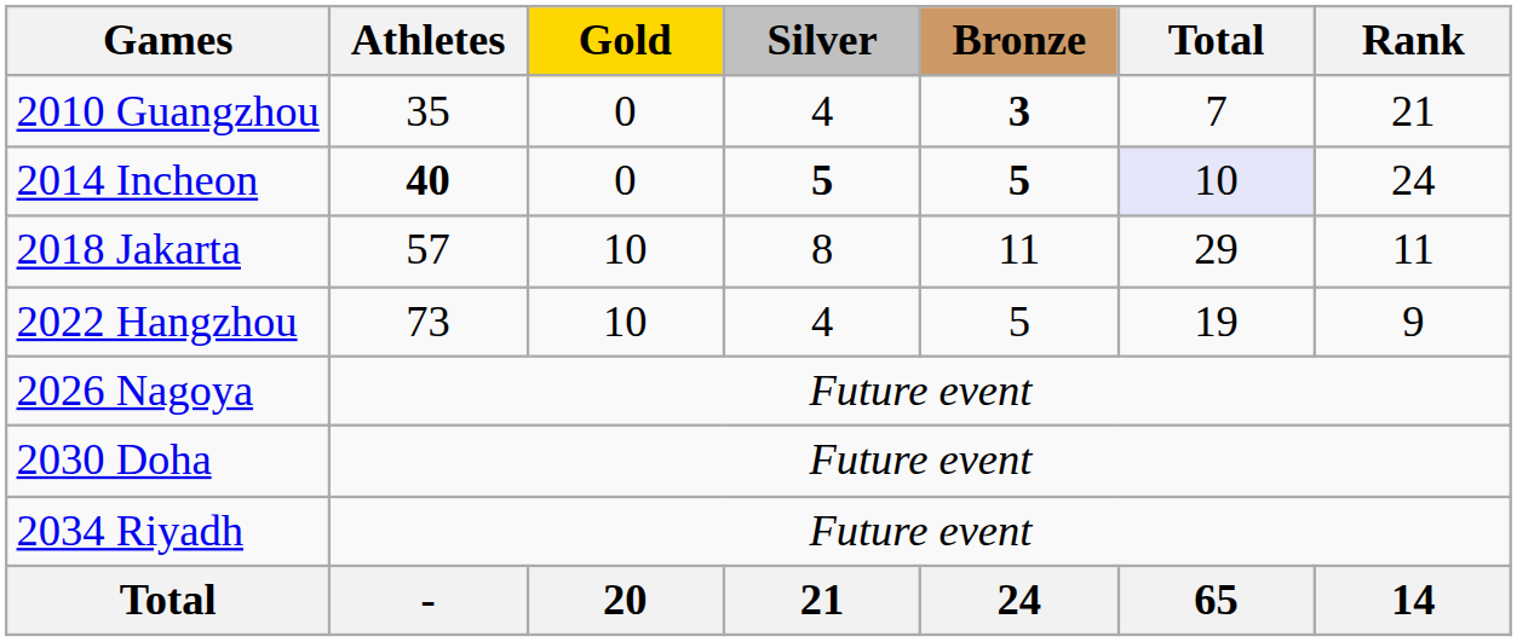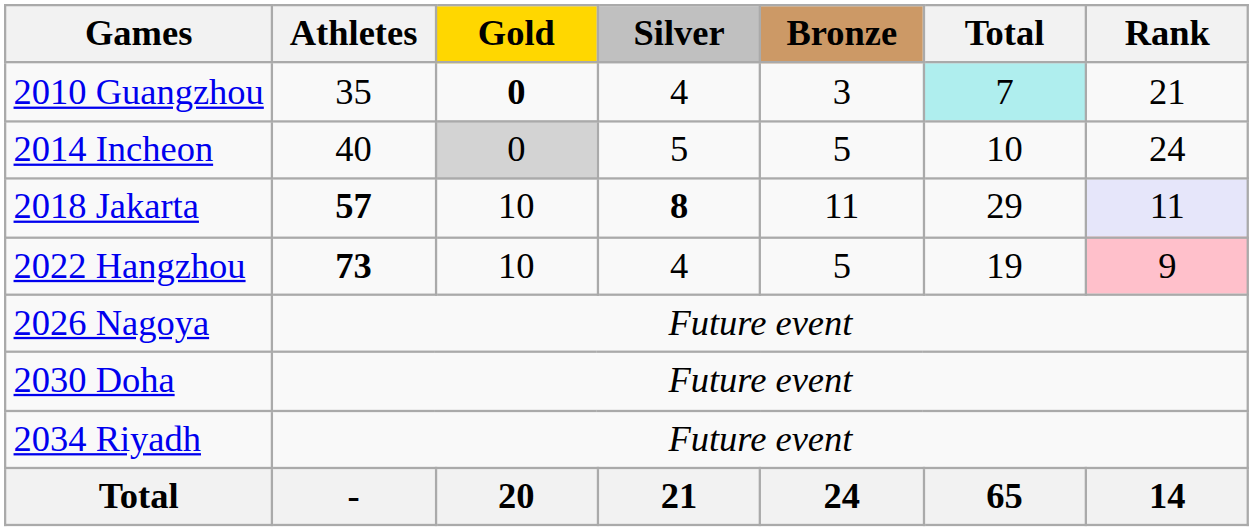 <table class="wikitable sortable" style="margin-top:0em; text-align:center; font-size:100%;">
 <tr>
 <th>Games</th>
 <th style="width:4em;">Athletes</th>
 <th style="background:gold; width:4em;"><strong>Gold</strong></th>
 <th style="background:silver; width:4em;"><strong>Silver</strong></th>
 <th style="background:#cc9966; width:4em;"><strong>Bronze</strong></th>
 <th style="width:4em;">Total</th>
 <th style="width:4em;">Rank</th>
 </tr>
 <tr>
 <td style="text-align:left"> <a href='#'>2010 Guangzhou</a></td>
 <td>35</td>
-<td>0</td>
+<td><strong>0</strong></td>
 <td>4</td>
-<td><strong>3</strong></td>
-<td>7</td>
+<td>3</td>
+<td style="background: paleturquoise;">7</td>
 <td>21</td>
 </tr>
 <tr>
 <td style="text-align:left"> <a href='#'>2014 Incheon</a></td>
-<td><strong>40</strong></td>
-<td>0</td>
-<td><strong>5</strong></td>
-<td><strong>5</strong></td>
-<td style="background: lavender;">10</td>
+<td>40</td>
+<td style="background: lightgrey;">0</td>
+<td>5</td>
+<td>5</td>
+<td>10</td>
 <td>24</td>
 </tr>
 <tr>
 <td style="text-align:left"> <a href='#'>2018 Jakarta</a></td>
-<td>57</td>
+<td><strong>57</strong></td>
 <td>10</td>
-<td>8</td>
+<td><strong>8</strong></td>
 <td>11</td>
 <td>29</td>
-<td>11</td>
+<td style="background: lavender;">11</td>
 </tr>
 <tr>
 <td style="text-align:left"> <a href='#'>2022 Hangzhou</a></td>
-<td>73</td>
+<td><strong>73</strong></td>
 <td>10</td>
 <td>4</td>
 <td>5</td>
 <td>19</td>
-<td>9</td>
+<td style="background: pink;">9</td>
 </tr>
 <tr>
 <td style="text-align:left"> <a href='#'>2026 Nagoya</a></td>
 <td colspan=6 style="text-align:center"><em>Future event</em></td>
 </tr>
 <tr>
 <td style="text-align:left"> <a href='#'>2030 Doha</a></td>
 <td colspan=6 style="text-align:center"><em>Future event</em></td>
 </tr>
 <tr>
 <td style="text-align:left"> <a href='#'>2034 Riyadh</a></td>
 <td colspan=6 style="text-align:center"><em>Future event</em></td>
 </tr>
 <tr>
 <th>Total</th>
 <th>-</th>
 <th>20</th>
 <th>21</th>
 <th>24</th>
 <th>65</th>
 <th>14</th>
 </tr>
 </table>
